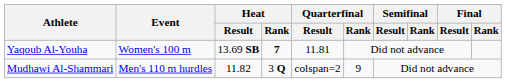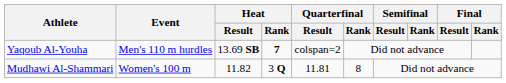 <table class=wikitable style="font-size:90%">
 <tr>
 <th rowspan="2">Athlete</th>
 <th rowspan="2">Event</th>
 <th colspan="2">Heat</th>
 <th colspan="2">Quarterfinal</th>
 <th colspan="2">Semifinal</th>
 <th colspan="2">Final</th>
 </tr>
 <tr style="font-size:95%">
 <th>Result</th>
 <th>Rank</th>
 <th>Result</th>
 <th>Rank</th>
 <th>Result</th>
 <th>Rank</th>
 <th>Result</th>
 <th>Rank</th>
 </tr>
 <tr align=center>
 <td align=left><a href='#'>Yaqoub Al-Youha</a></td>
-<td align=left><a href='#'>Women's 100 m</a></td>
+<td align=left><a href='#'>Men's 110 m hurdles</a></td>
 <td>13.69 <strong>SB</strong></td>
 <td><strong>7</strong></td>
-<td>11.81</td>
+<td>colspan=2 </td>
 <td colspan="4">Did not advance</td>
 </tr>
 <tr align=center>
 <td align=left><a href='#'>Mudhawi Al-Shammari</a></td>
-<td align=left><a href='#'>Men's 110 m hurdles</a></td>
+<td align=left><a href='#'>Women's 100 m</a></td>
 <td>11.82</td>
 <td>3 <strong>Q</strong></td>
-<td>colspan=2 </td>
-<td>9</td>
+<td>11.81</td>
+<td>8</td>
 <td colspan=4>Did not advance</td>
 </tr>
 </table>
